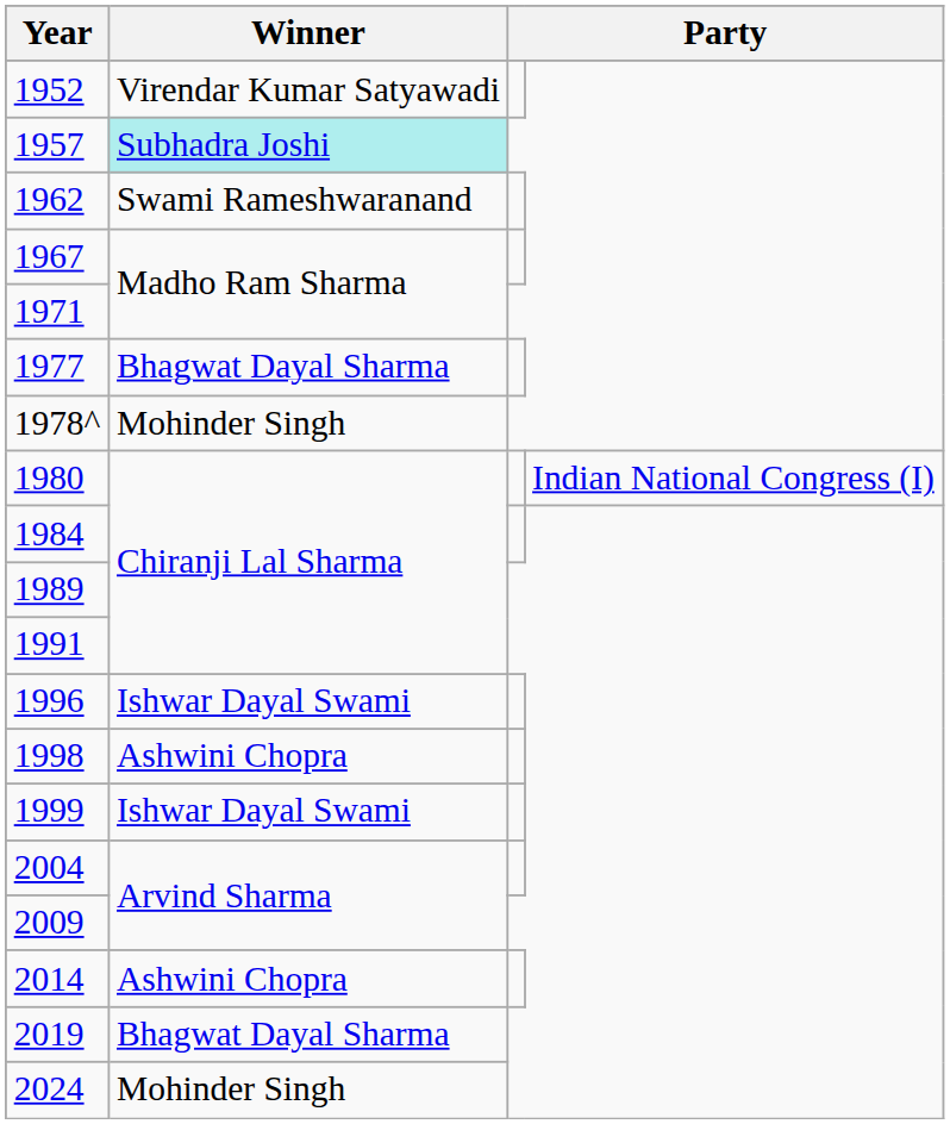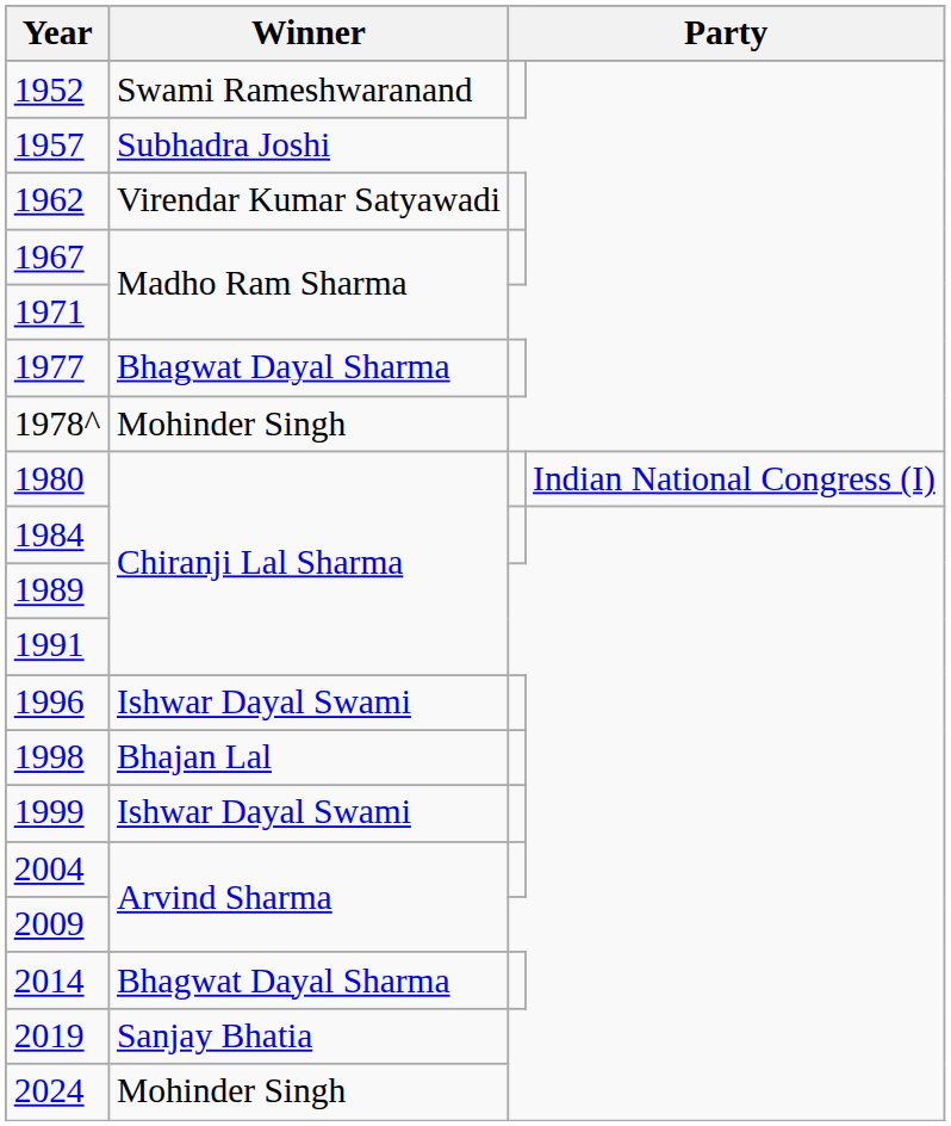 <table class="wikitable">
 <tr>
 <th>Year</th>
 <th>Winner</th>
 <th colspan="2">Party</th>
 </tr>
 <tr>
 <td><a href='#'>1952</a></td>
-<td>Virendar Kumar Satyawadi</td>
+<td>Swami Rameshwaranand</td>
 <td></td>
 </tr>
 <tr>
 <td><a href='#'>1957</a></td>
-<td style="background: paleturquoise;"><a href='#'>Subhadra Joshi</a></td>
+<td><a href='#'>Subhadra Joshi</a></td>
 </tr>
 <tr>
 <td><a href='#'>1962</a></td>
-<td>Swami Rameshwaranand</td>
+<td>Virendar Kumar Satyawadi</td>
 <td></td>
 </tr>
 <tr>
 <td><a href='#'>1967</a></td>
 <td rowspan="2">Madho Ram Sharma</td>
 <td></td>
 </tr>
 <tr>
 <td><a href='#'>1971</a></td>
 </tr>
 <tr>
 <td><a href='#'>1977</a></td>
 <td><a href='#'>Bhagwat Dayal Sharma</a></td>
 <td></td>
 </tr>
 <tr>
 <td>1978^</td>
 <td>Mohinder Singh</td>
 </tr>
 <tr>
 <td><a href='#'>1980</a></td>
 <td rowspan="4"><a href='#'>Chiranji Lal Sharma</a></td>
 <td style="background-color:"></td>
 <td><a href='#'>Indian National Congress (I)</a></td>
 </tr>
 <tr>
 <td><a href='#'>1984</a></td>
 <td></td>
 </tr>
 <tr>
 <td><a href='#'>1989</a></td>
 </tr>
 <tr>
 <td><a href='#'>1991</a></td>
 </tr>
 <tr>
 <td><a href='#'>1996</a></td>
 <td><a href='#'>Ishwar Dayal Swami</a></td>
 <td></td>
 </tr>
 <tr>
 <td><a href='#'>1998</a></td>
-<td><a href='#'>Ashwini Chopra</a></td>
+<td><a href='#'>Bhajan Lal</a></td>
 <td></td>
 </tr>
 <tr>
 <td><a href='#'>1999</a></td>
 <td><a href='#'>Ishwar Dayal Swami</a></td>
 <td></td>
 </tr>
 <tr>
 <td><a href='#'>2004</a></td>
 <td rowspan="2"><a href='#'>Arvind Sharma</a></td>
 <td></td>
 </tr>
 <tr>
 <td><a href='#'>2009</a></td>
 </tr>
 <tr>
 <td><a href='#'>2014</a></td>
-<td><a href='#'>Ashwini Chopra</a></td>
+<td><a href='#'>Bhagwat Dayal Sharma</a></td>
 <td></td>
 </tr>
 <tr>
 <td><a href='#'>2019</a></td>
-<td><a href='#'>Bhagwat Dayal Sharma</a></td>
+<td><a href='#'>Sanjay Bhatia</a></td>
 </tr>
 <tr>
 <td><a href='#'>2024</a></td>
 <td>Mohinder Singh</td>
 </tr>
 </table>
